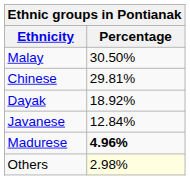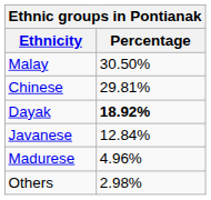 <table class="wikitable">
 <tr>
 <th style="text-align:center;" colspan=3>Ethnic groups in Pontianak</th>
 </tr>
 <tr>
 <th><a href='#'>Ethnicity</a></th>
 <th>Percentage</th>
 </tr>
 <tr>
 <td><a href='#'>Malay</a></td>
 <td>30.50%</td>
 </tr>
 <tr>
 <td><a href='#'>Chinese</a></td>
 <td>29.81%</td>
 </tr>
 <tr>
 <td><a href='#'>Dayak</a></td>
-<td>18.92%</td>
+<td><strong>18.92%</strong></td>
 </tr>
 <tr>
 <td><a href='#'>Javanese</a></td>
 <td>12.84%</td>
 </tr>
 <tr>
 <td><a href='#'>Madurese</a></td>
-<td><strong>4.96%</strong></td>
+<td>4.96%</td>
 </tr>
 <tr>
 <td>Others</td>
-<td style="background: lightyellow;">2.98%</td>
+<td>2.98%</td>
 </tr>
 </table>
